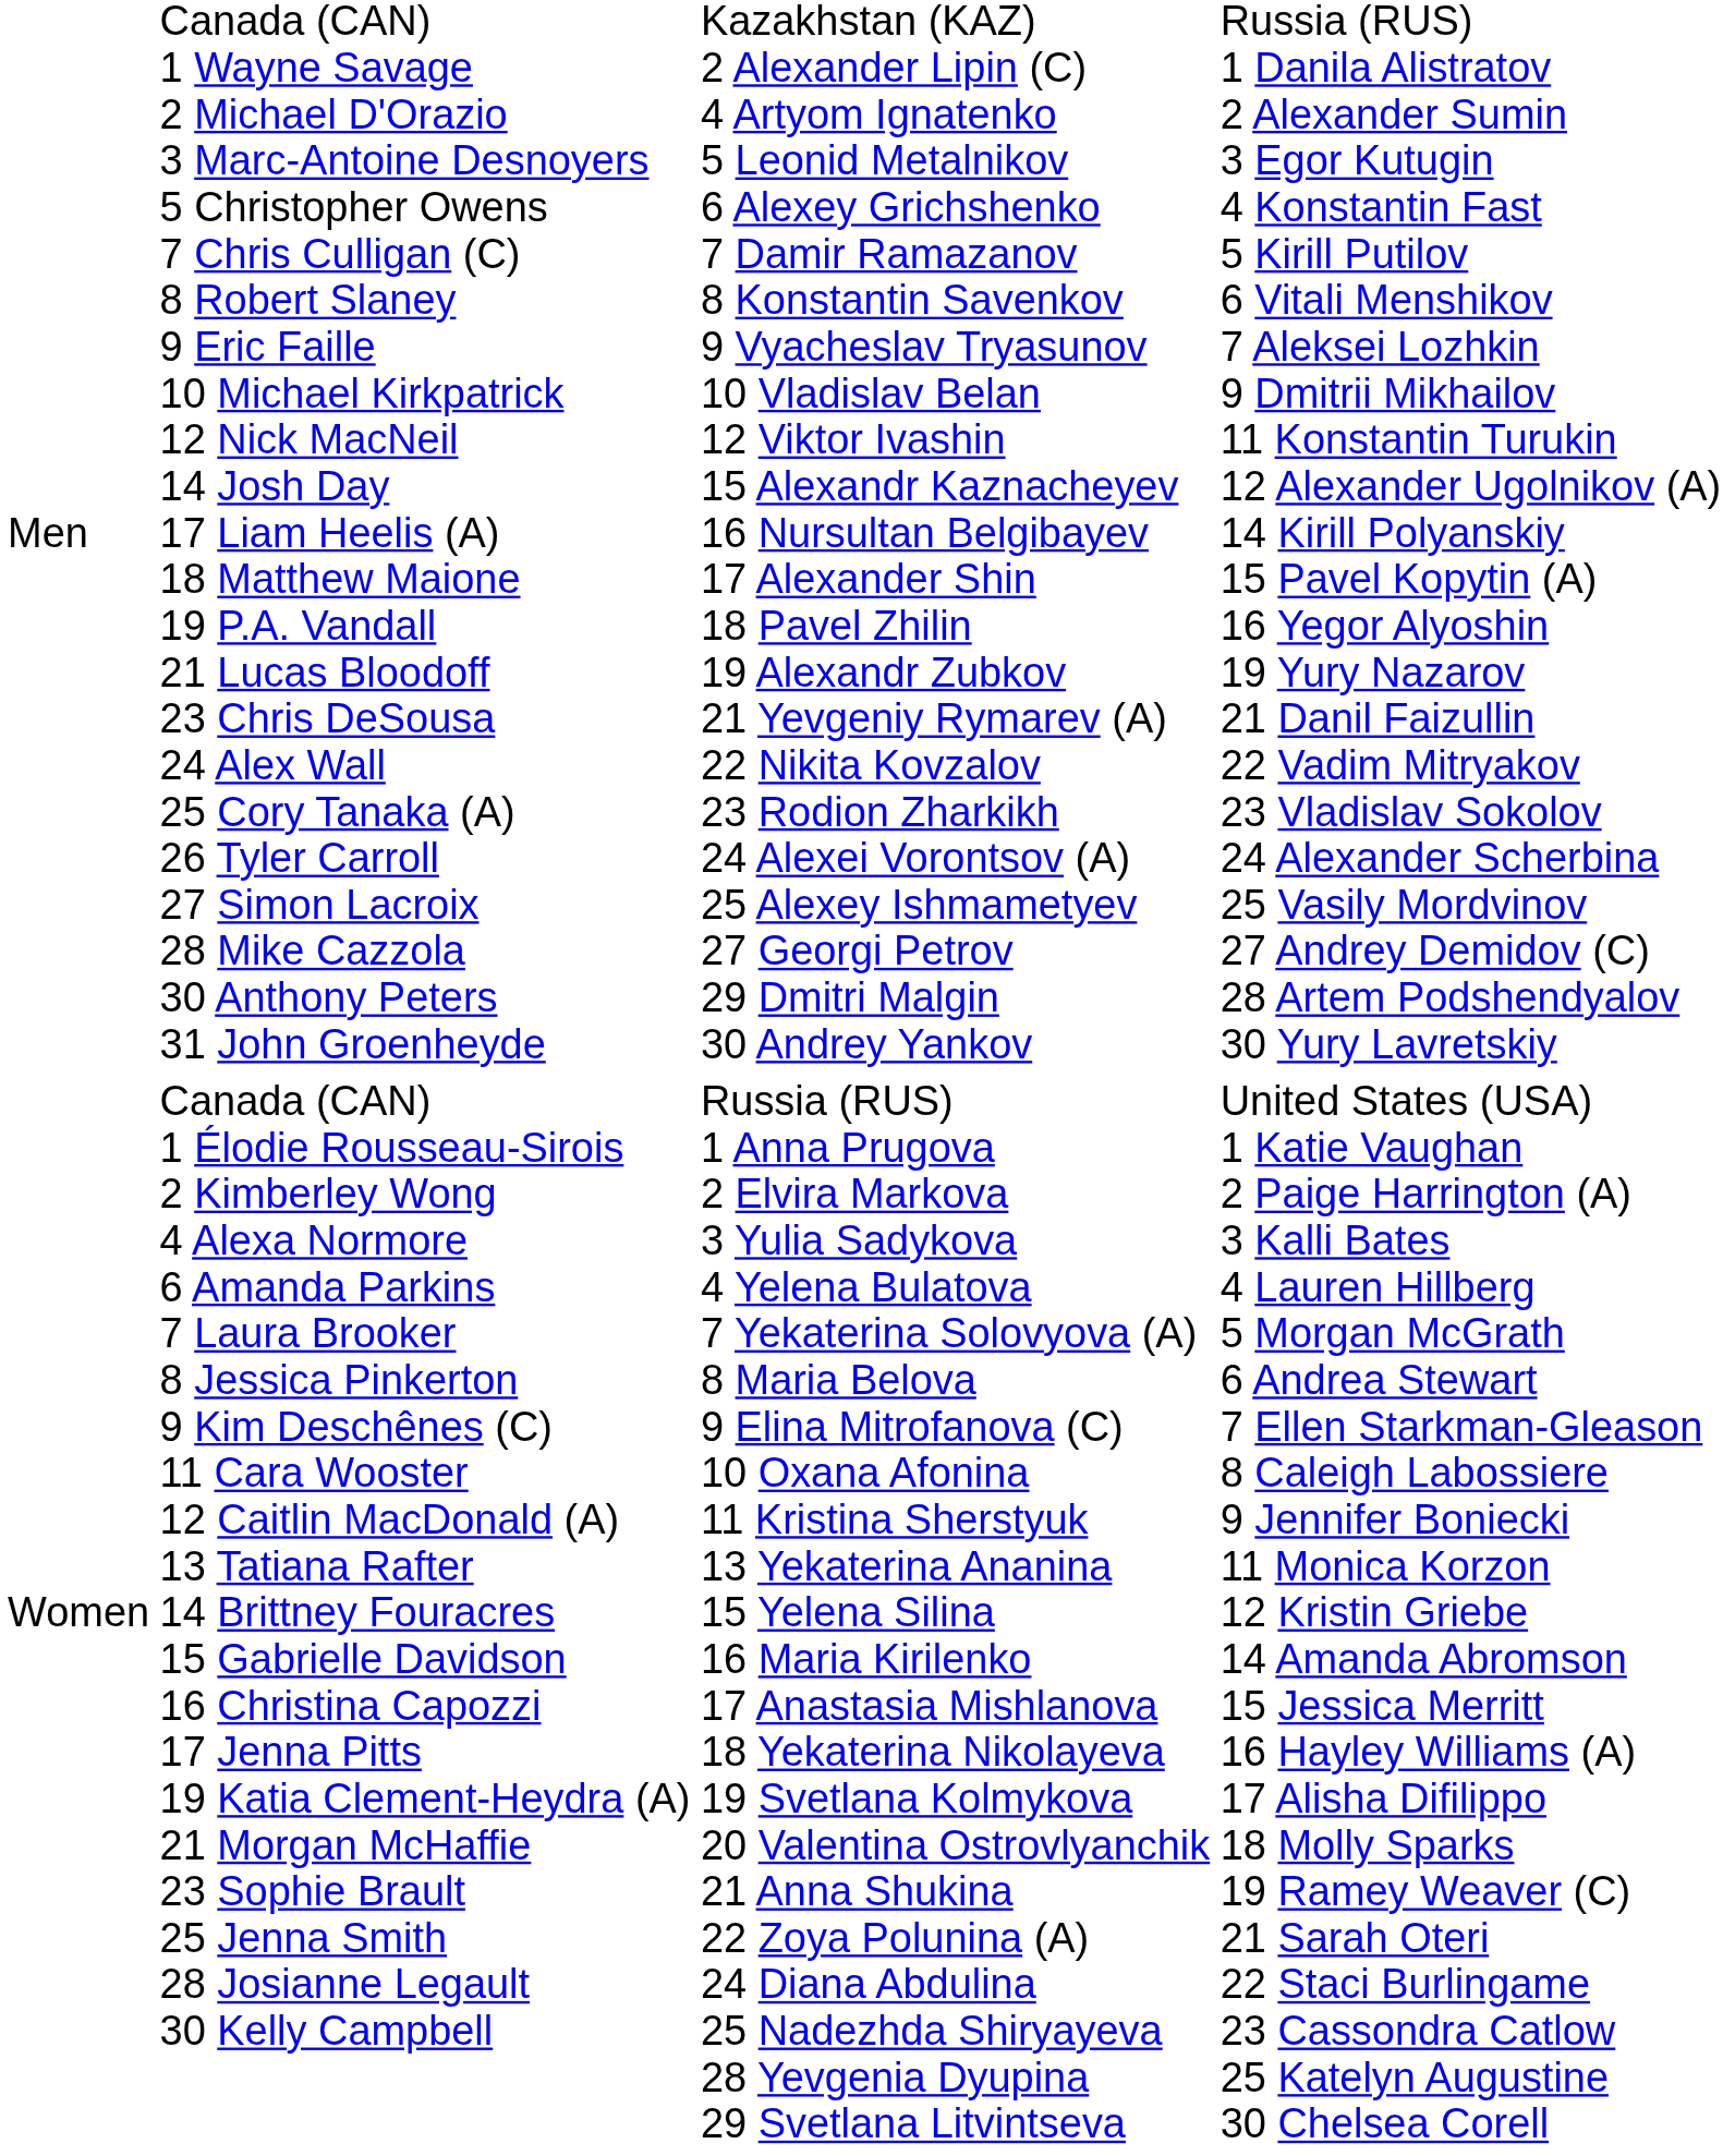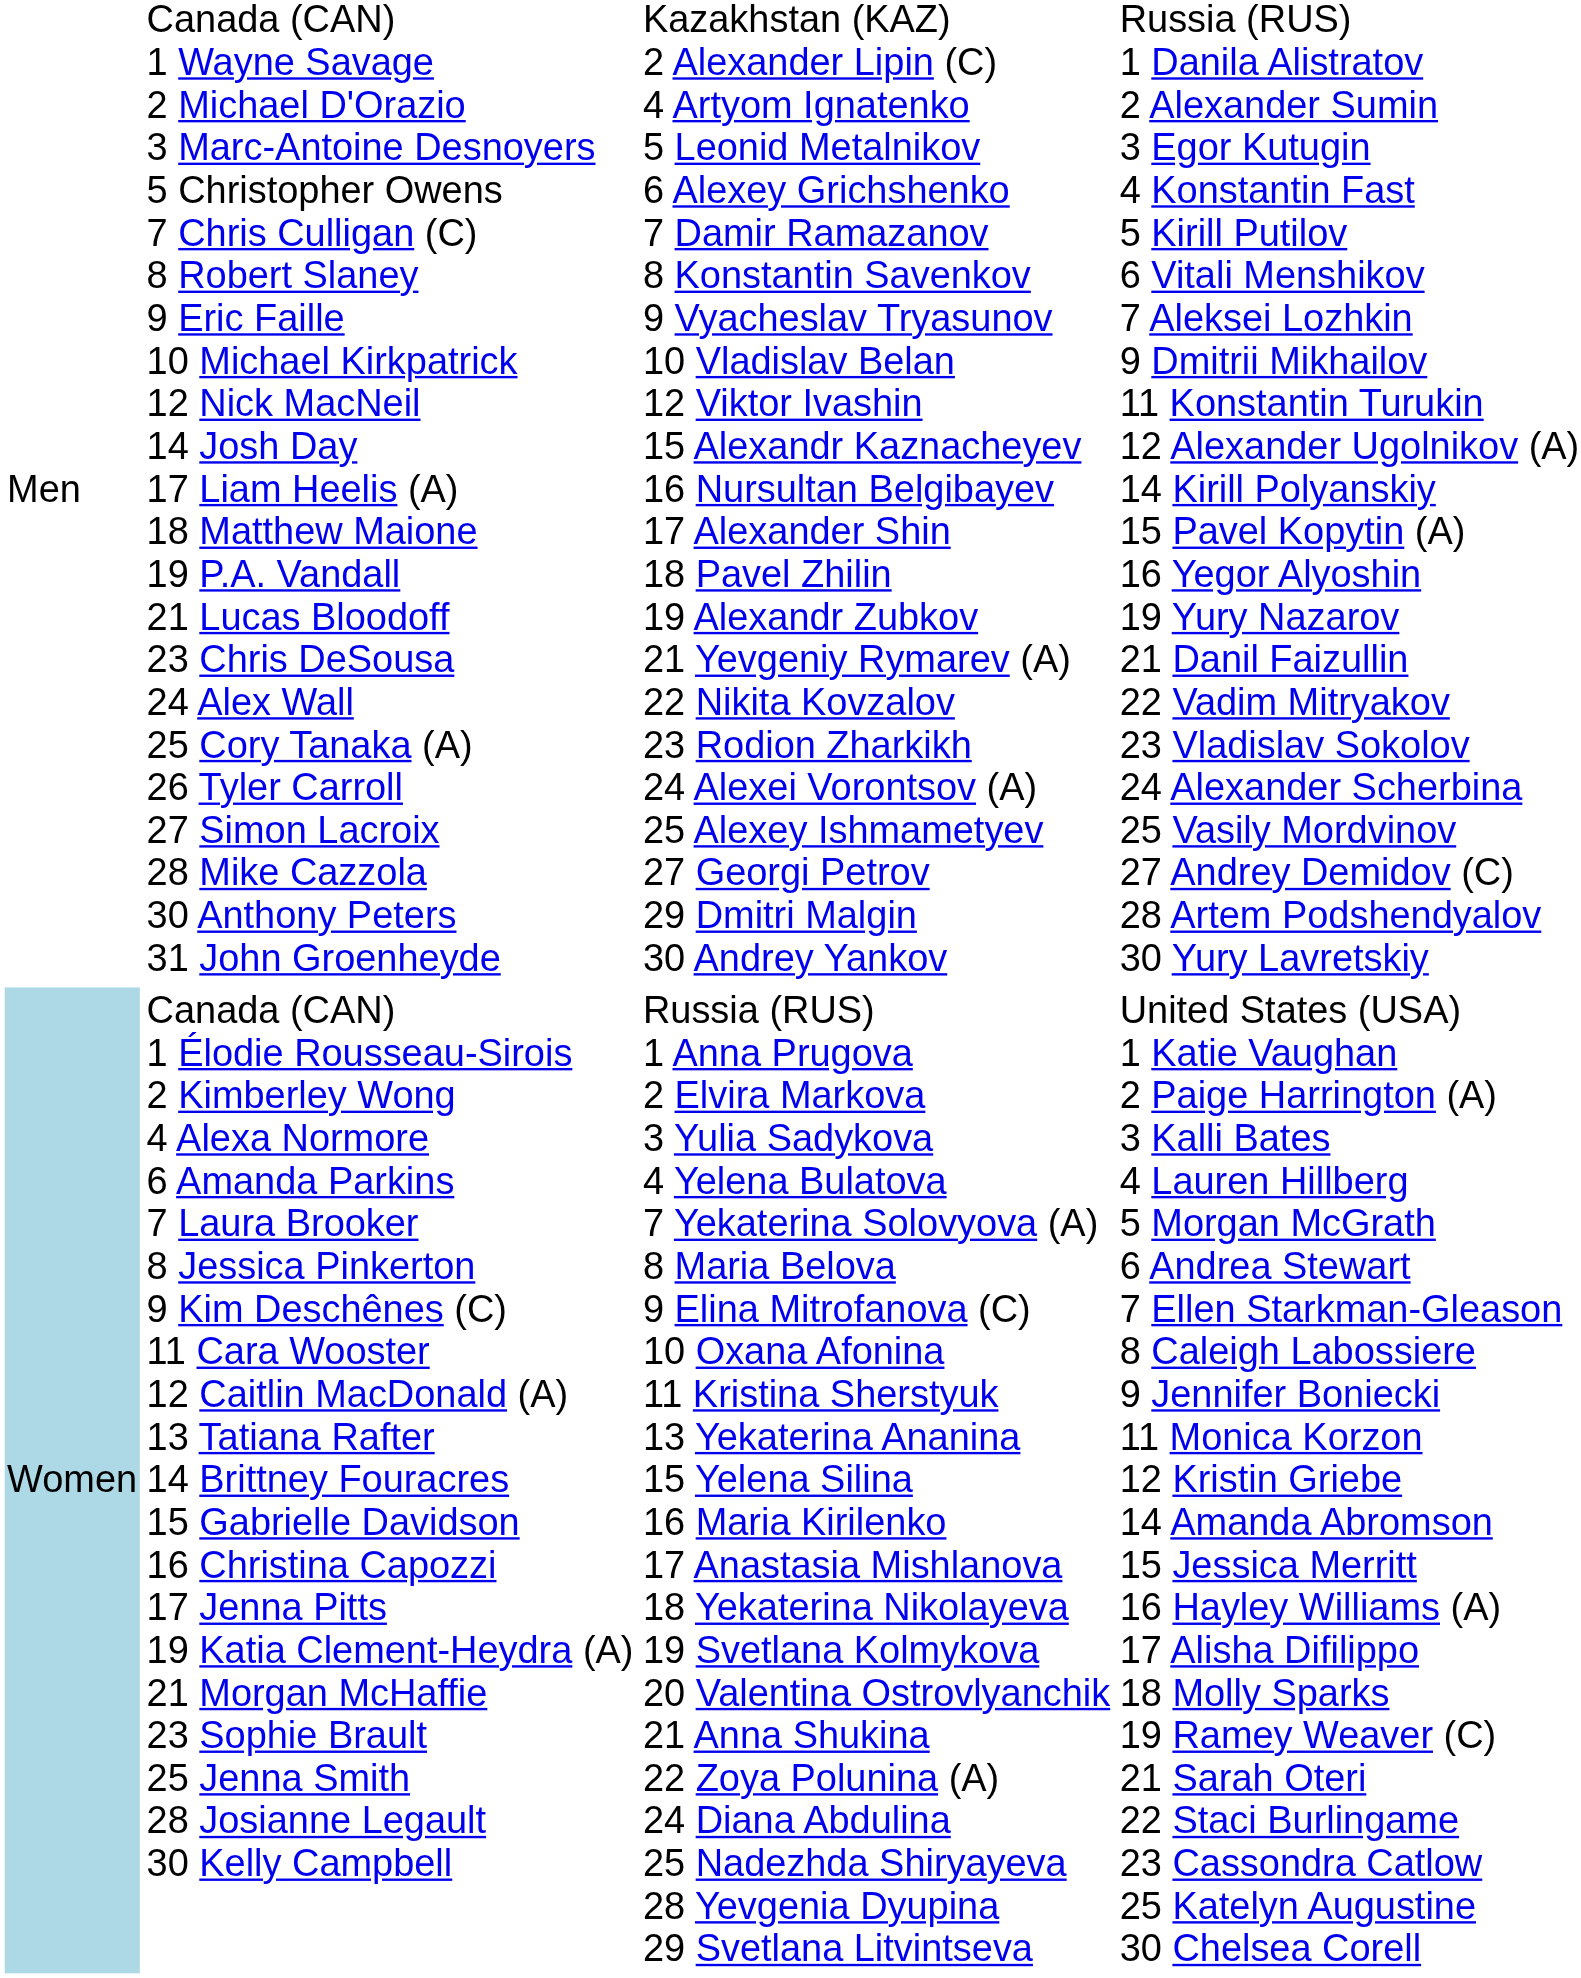 <table>
 <tr>
 <td>Men</td>
 <td valign=top> Canada (CAN)<br>1 <a href='#'>Wayne Savage</a><br>2 <a href='#'>Michael D'Orazio</a><br>3 <a href='#'>Marc-Antoine Desnoyers</a><br>5 Christopher Owens<br>7 <a href='#'>Chris Culligan</a> (C)<br>8 <a href='#'>Robert Slaney</a><br>9 <a href='#'>Eric Faille</a><br>10 <a href='#'>Michael Kirkpatrick</a><br>12 <a href='#'>Nick MacNeil</a><br>14 <a href='#'>Josh Day</a><br>17 <a href='#'>Liam Heelis</a> (A)<br>18 <a href='#'>Matthew Maione</a><br>19 <a href='#'>P.A. Vandall</a><br>21 <a href='#'>Lucas Bloodoff</a><br>23 <a href='#'>Chris DeSousa</a><br>24 <a href='#'>Alex Wall</a><br>25 <a href='#'>Cory Tanaka</a> (A)<br>26 <a href='#'>Tyler Carroll</a><br>27 <a href='#'>Simon Lacroix</a><br>28 <a href='#'>Mike Cazzola</a><br>30 <a href='#'>Anthony Peters</a><br>31 <a href='#'>John Groenheyde</a></td>
 <td valign=top> Kazakhstan (KAZ)<br>2 <a href='#'>Alexander Lipin</a> (C)<br>4 <a href='#'>Artyom Ignatenko</a><br>5 <a href='#'>Leonid Metalnikov</a><br>6 <a href='#'>Alexey Grichshenko</a><br>7 <a href='#'>Damir Ramazanov</a><br>8 <a href='#'>Konstantin Savenkov</a><br>9 <a href='#'>Vyacheslav Tryasunov</a><br>10 <a href='#'>Vladislav Belan</a><br>12 <a href='#'>Viktor Ivashin</a><br>15 <a href='#'>Alexandr Kaznacheyev</a><br>16 <a href='#'>Nursultan Belgibayev</a><br>17 <a href='#'>Alexander Shin</a><br>18 <a href='#'>Pavel Zhilin</a><br>19 <a href='#'>Alexandr Zubkov</a><br>21 <a href='#'>Yevgeniy Rymarev</a> (A)<br>22 <a href='#'>Nikita Kovzalov</a><br>23 <a href='#'>Rodion Zharkikh</a><br>24 <a href='#'>Alexei Vorontsov</a> (A)<br>25 <a href='#'>Alexey Ishmametyev</a><br>27 <a href='#'>Georgi Petrov</a><br>29 <a href='#'>Dmitri Malgin</a><br>30 <a href='#'>Andrey Yankov</a></td>
 <td valign=top> Russia (RUS)<br>1 <a href='#'>Danila Alistratov</a><br>2 <a href='#'>Alexander Sumin</a><br>3 <a href='#'>Egor Kutugin</a><br>4 <a href='#'>Konstantin Fast</a><br>5 <a href='#'>Kirill Putilov</a><br>6 <a href='#'>Vitali Menshikov</a><br>7 <a href='#'>Aleksei Lozhkin</a><br>9 <a href='#'>Dmitrii Mikhailov</a><br>11 <a href='#'>Konstantin Turukin</a><br>12 <a href='#'>Alexander Ugolnikov</a> (A)<br>14 <a href='#'>Kirill Polyanskiy</a><br>15 <a href='#'>Pavel Kopytin</a> (A)<br>16 <a href='#'>Yegor Alyoshin</a><br>19 <a href='#'>Yury Nazarov</a><br>21 <a href='#'>Danil Faizullin</a><br>22 <a href='#'>Vadim Mitryakov</a><br>23 <a href='#'>Vladislav Sokolov</a><br>24 <a href='#'>Alexander Scherbina</a><br>25 <a href='#'>Vasily Mordvinov</a><br>27 <a href='#'>Andrey Demidov</a> (C)<br>28 <a href='#'>Artem Podshendyalov</a><br>30 <a href='#'>Yury Lavretskiy</a></td>
 </tr>
 <tr>
-<td>Women</td>
+<td style="background: lightblue;">Women</td>
 <td valign=top> Canada (CAN)<br>1 <a href='#'>Élodie Rousseau-Sirois</a><br>2 <a href='#'>Kimberley Wong</a><br>4 <a href='#'>Alexa Normore</a><br>6 <a href='#'>Amanda Parkins</a><br>7 <a href='#'>Laura Brooker</a><br>8 <a href='#'>Jessica Pinkerton</a><br>9 <a href='#'>Kim Deschênes</a> (C)<br>11 <a href='#'>Cara Wooster</a><br>12 <a href='#'>Caitlin MacDonald</a> (A)<br>13 <a href='#'>Tatiana Rafter</a><br>14 <a href='#'>Brittney Fouracres</a><br>15 <a href='#'>Gabrielle Davidson</a><br>16 <a href='#'>Christina Capozzi</a><br>17 <a href='#'>Jenna Pitts</a><br>19 <a href='#'>Katia Clement-Heydra</a> (A)<br>21 <a href='#'>Morgan McHaffie</a><br>23 <a href='#'>Sophie Brault</a><br>25 <a href='#'>Jenna Smith</a><br>28 <a href='#'>Josianne Legault</a><br>30 <a href='#'>Kelly Campbell</a></td>
 <td valign=top> Russia (RUS)<br>1 <a href='#'>Anna Prugova</a><br>2 <a href='#'>Elvira Markova</a><br>3 <a href='#'>Yulia Sadykova</a><br>4 <a href='#'>Yelena Bulatova</a><br>7 <a href='#'>Yekaterina Solovyova</a> (A)<br>8 <a href='#'>Maria Belova</a><br>9 <a href='#'>Elina Mitrofanova</a> (C)<br>10 <a href='#'>Oxana Afonina</a><br>11 <a href='#'>Kristina Sherstyuk</a><br>13 <a href='#'>Yekaterina Ananina</a><br>15 <a href='#'>Yelena Silina</a><br>16 <a href='#'>Maria Kirilenko</a><br>17 <a href='#'>Anastasia Mishlanova</a><br>18 <a href='#'>Yekaterina Nikolayeva</a><br>19 <a href='#'>Svetlana Kolmykova</a><br>20 <a href='#'>Valentina Ostrovlyanchik</a><br>21 <a href='#'>Anna Shukina</a><br>22 <a href='#'>Zoya Polunina</a> (A)<br>24 <a href='#'>Diana Abdulina</a><br>25 <a href='#'>Nadezhda Shiryayeva</a><br>28 <a href='#'>Yevgenia Dyupina</a><br>29 <a href='#'>Svetlana Litvintseva</a></td>
 <td valign=top> United States (USA)<br>1 <a href='#'>Katie Vaughan</a><br>2 <a href='#'>Paige Harrington</a> (A)<br>3 <a href='#'>Kalli Bates</a><br>4 <a href='#'>Lauren Hillberg</a><br>5 <a href='#'>Morgan McGrath</a><br>6 <a href='#'>Andrea Stewart</a><br>7 <a href='#'>Ellen Starkman-Gleason</a><br>8 <a href='#'>Caleigh Labossiere</a><br>9 <a href='#'>Jennifer Boniecki</a><br>11 <a href='#'>Monica Korzon</a><br>12 <a href='#'>Kristin Griebe</a><br>14 <a href='#'>Amanda Abromson</a><br>15 <a href='#'>Jessica Merritt</a><br>16 <a href='#'>Hayley Williams</a> (A)<br>17 <a href='#'>Alisha Difilippo</a><br>18 <a href='#'>Molly Sparks</a><br>19 <a href='#'>Ramey Weaver</a> (C)<br>21 <a href='#'>Sarah Oteri</a><br>22 <a href='#'>Staci Burlingame</a><br>23 <a href='#'>Cassondra Catlow</a><br>25 <a href='#'>Katelyn Augustine</a><br>30 <a href='#'>Chelsea Corell</a></td>
 </tr>
 </table>
